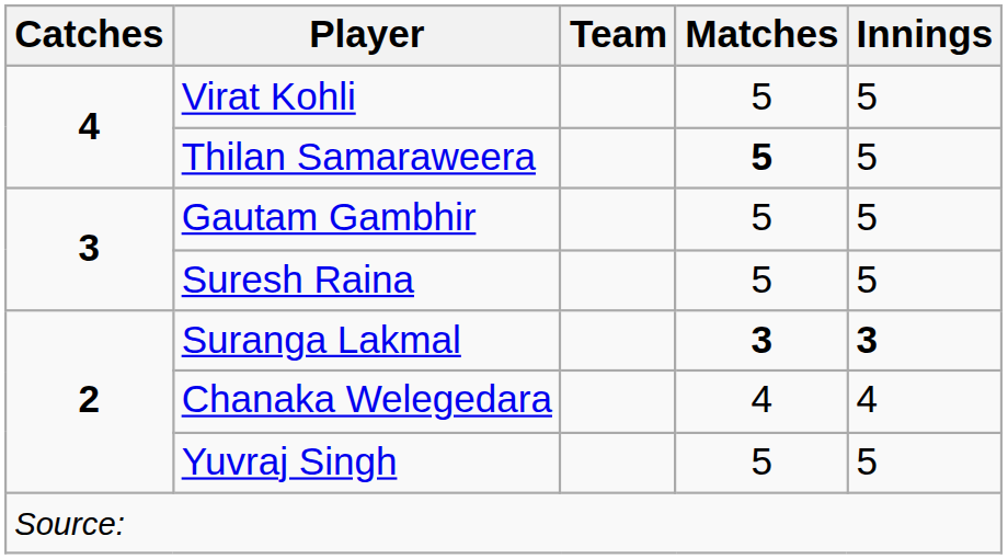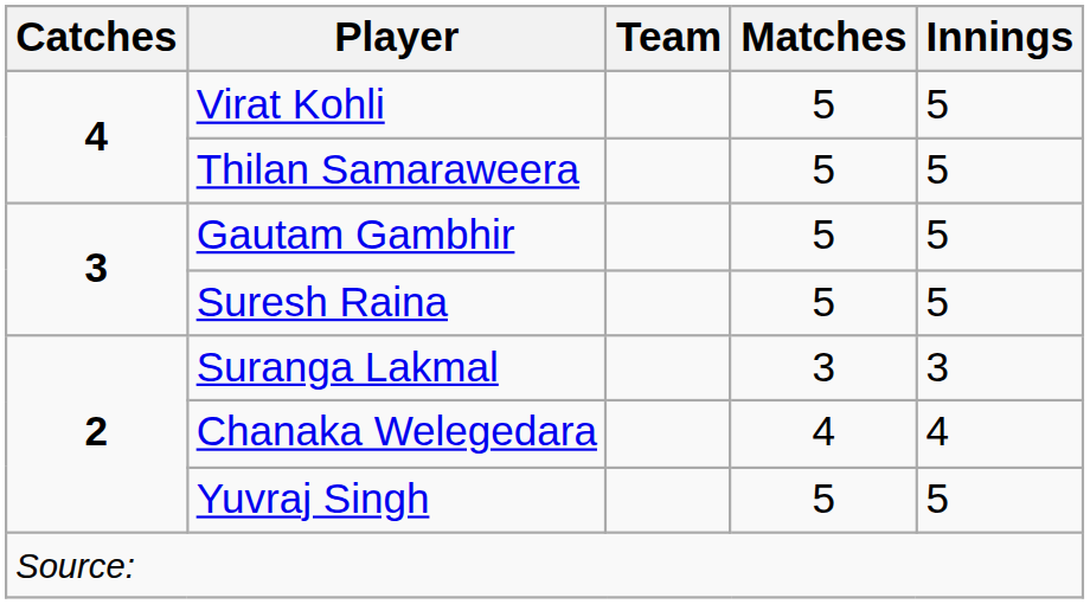 <table class="wikitable">
 <tr>
 <th>Catches</th>
 <th>Player</th>
 <th>Team</th>
 <th>Matches</th>
 <th>Innings</th>
 </tr>
 <tr>
 <td rowspan=2 align="center"><strong>4</strong></td>
 <td><a href='#'>Virat Kohli</a></td>
 <td></td>
 <td align="center">5</td>
 <td>5</td>
 </tr>
 <tr>
 <td><a href='#'>Thilan Samaraweera</a></td>
 <td></td>
-<td align="center"><strong>5</strong></td>
+<td align="center">5</td>
 <td>5</td>
 </tr>
 <tr>
 <td rowspan=2 align="center"><strong>3</strong></td>
 <td><a href='#'>Gautam Gambhir</a></td>
 <td></td>
 <td align="center">5</td>
 <td>5</td>
 </tr>
 <tr>
 <td><a href='#'>Suresh Raina</a></td>
 <td></td>
 <td align="center">5</td>
 <td>5</td>
 </tr>
 <tr>
 <td rowspan=3 align="center"><strong>2</strong></td>
 <td><a href='#'>Suranga Lakmal</a></td>
 <td></td>
-<td align="center"><strong>3</strong></td>
-<td><strong>3</strong></td>
+<td align="center">3</td>
+<td>3</td>
 </tr>
 <tr>
 <td><a href='#'>Chanaka Welegedara</a></td>
 <td></td>
 <td align="center">4</td>
 <td>4</td>
 </tr>
 <tr>
 <td><a href='#'>Yuvraj Singh</a></td>
 <td></td>
 <td align="center">5</td>
 <td>5</td>
 </tr>
 <tr>
 <td colspan=5><small><em>Source: </em></small></td>
 </tr>
 </table>
